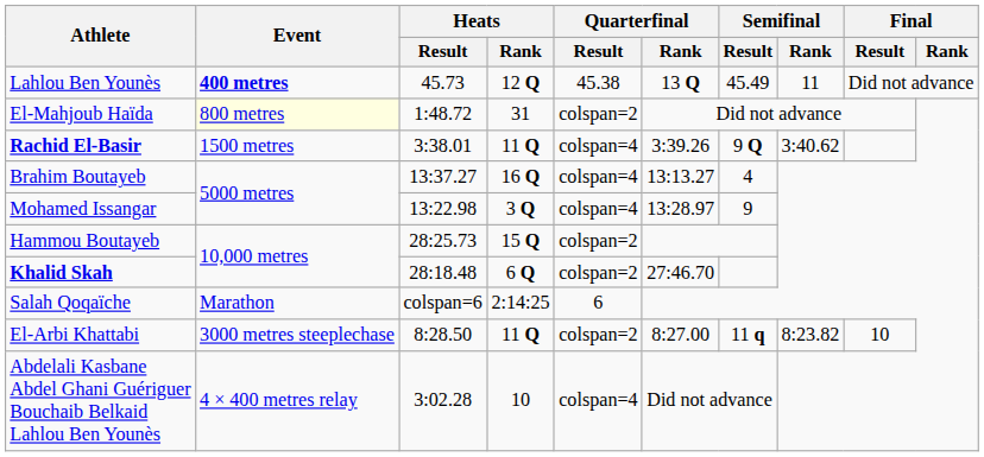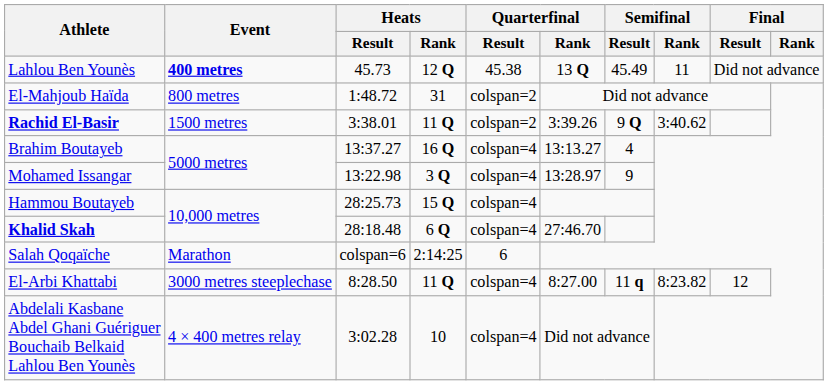 <table class="wikitable" style="font-size:90%">
 <tr>
 <th rowspan="2">Athlete</th>
 <th rowspan="2">Event</th>
 <th colspan="2">Heats</th>
 <th colspan="2">Quarterfinal</th>
 <th colspan="2">Semifinal</th>
 <th colspan="2">Final</th>
 </tr>
 <tr style="font-size:95%">
 <th>Result</th>
 <th>Rank</th>
 <th>Result</th>
 <th>Rank</th>
 <th>Result</th>
 <th>Rank</th>
 <th>Result</th>
 <th>Rank</th>
 </tr>
 <tr align=center>
 <td align=left><a href='#'>Lahlou Ben Younès</a></td>
 <td align=left><strong><a href='#'>400 metres</a></strong></td>
 <td>45.73</td>
 <td>12 <strong>Q</strong></td>
 <td>45.38</td>
 <td>13 <strong>Q</strong></td>
 <td>45.49</td>
 <td>11</td>
 <td colspan=2>Did not advance</td>
 </tr>
 <tr align=center>
 <td align=left><a href='#'>El-Mahjoub Haïda</a></td>
-<td align=left style="background: lightyellow;"><a href='#'>800 metres</a></td>
+<td align=left><a href='#'>800 metres</a></td>
 <td>1:48.72</td>
 <td>31</td>
 <td>colspan=2</td>
 <td colspan=4>Did not advance</td>
 </tr>
 <tr align=center>
 <td align=left><strong><a href='#'>Rachid El-Basir</a></strong></td>
 <td align=left><a href='#'>1500 metres</a></td>
 <td>3:38.01</td>
 <td>11 <strong>Q</strong></td>
-<td>colspan=4</td>
+<td>colspan=2</td>
 <td>3:39.26</td>
 <td>9 <strong>Q</strong></td>
 <td>3:40.62</td>
 <td></td>
 </tr>
 <tr align=center>
 <td align=left><a href='#'>Brahim Boutayeb</a></td>
 <td align=left rowspan=2><a href='#'>5000 metres</a></td>
 <td>13:37.27</td>
 <td>16 <strong>Q</strong></td>
 <td>colspan=4</td>
 <td>13:13.27</td>
 <td>4</td>
 </tr>
 <tr align=center>
 <td align=left><a href='#'>Mohamed Issangar</a></td>
 <td>13:22.98</td>
 <td>3 <strong>Q</strong></td>
 <td>colspan=4</td>
 <td>13:28.97</td>
 <td>9</td>
 </tr>
 <tr align=center>
 <td align=left><a href='#'>Hammou Boutayeb</a></td>
 <td align=left rowspan=2><a href='#'>10,000 metres</a></td>
 <td>28:25.73</td>
 <td>15 <strong>Q</strong></td>
-<td>colspan=2</td>
+<td>colspan=4</td>
 <td colspan=2></td>
 </tr>
 <tr align=center>
 <td align=left><strong><a href='#'>Khalid Skah</a></strong></td>
 <td>28:18.48</td>
 <td>6 <strong>Q</strong></td>
-<td>colspan=2</td>
+<td>colspan=4</td>
 <td>27:46.70</td>
 <td></td>
 </tr>
 <tr align=center>
 <td align=left><a href='#'>Salah Qoqaïche</a></td>
 <td align=left><a href='#'>Marathon</a></td>
 <td>colspan=6</td>
 <td>2:14:25</td>
 <td>6</td>
 </tr>
 <tr align=center>
 <td align=left><a href='#'>El-Arbi Khattabi</a></td>
 <td align=left><a href='#'>3000 metres steeplechase</a></td>
 <td>8:28.50</td>
 <td>11 <strong>Q</strong></td>
-<td>colspan=2</td>
+<td>colspan=4</td>
 <td>8:27.00</td>
 <td>11 <strong>q</strong></td>
 <td>8:23.82</td>
-<td>10</td>
+<td>12</td>
 </tr>
 <tr align=center>
 <td align=left><a href='#'>Abdelali Kasbane</a><br><a href='#'>Abdel Ghani Guériguer</a><br><a href='#'>Bouchaib Belkaid</a><br><a href='#'>Lahlou Ben Younès</a></td>
 <td align=left><a href='#'>4 × 400 metres relay</a></td>
 <td>3:02.28</td>
 <td>10</td>
 <td>colspan=4</td>
 <td colspan=2>Did not advance</td>
 </tr>
 </table>
